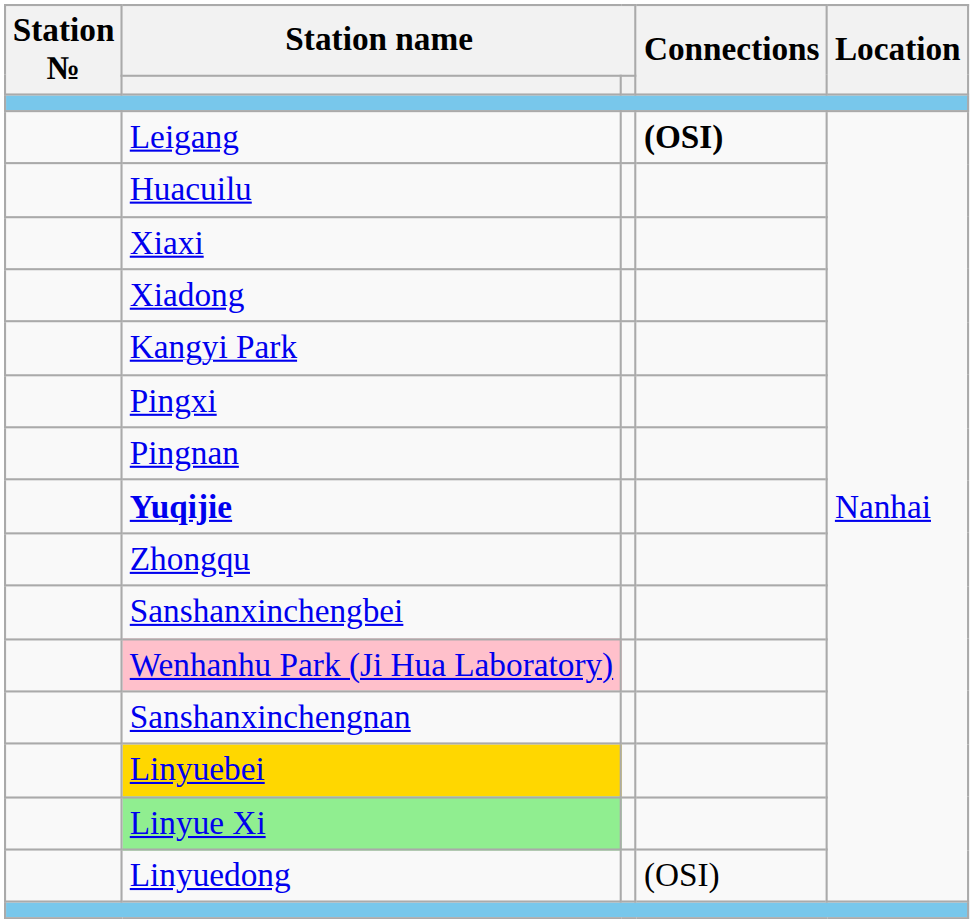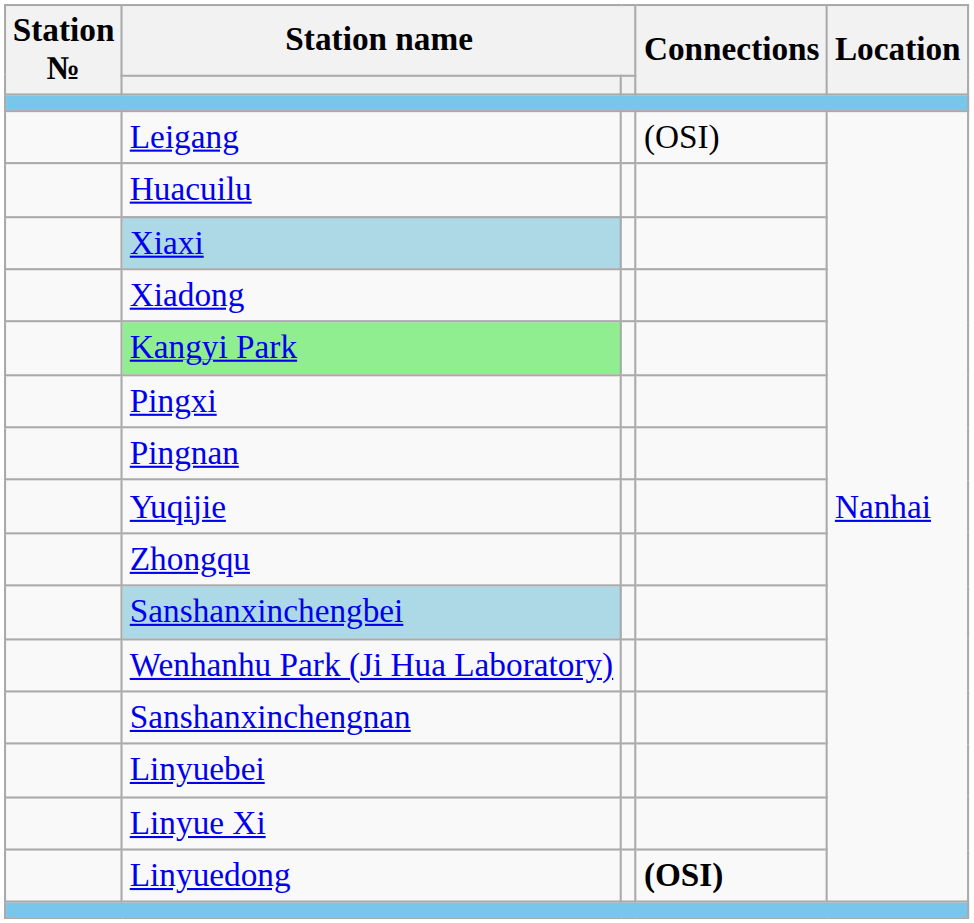 <table class="wikitable">
 <tr>
 <th rowspan="2">Station<br>№</th>
 <th colspan="2">Station name</th>
 <th rowspan="2">Connections</th>
 <th rowspan="2">Location</th>
 </tr>
 <tr>
 <th></th>
 <th></th>
 </tr>
 <tr style = "background:#78C7EB; height: 2pt">
 <td colspan="5"></td>
 </tr>
 <tr>
 <td></td>
 <td><a href='#'>Leigang</a></td>
 <td></td>
-<td><strong>  (OSI)</strong></td>
+<td>  (OSI)</td>
 <td rowspan="15"><a href='#'>Nanhai</a></td>
 </tr>
 <tr>
 <td></td>
 <td><a href='#'>Huacuilu</a></td>
 <td></td>
 <td></td>
 </tr>
 <tr>
 <td></td>
-<td><a href='#'>Xiaxi</a></td>
+<td style="background: lightblue;"><a href='#'>Xiaxi</a></td>
 <td></td>
 <td></td>
 </tr>
 <tr>
 <td></td>
 <td><a href='#'>Xiadong</a></td>
 <td></td>
 <td></td>
 </tr>
 <tr>
 <td></td>
-<td><a href='#'>Kangyi Park</a></td>
+<td style="background: lightgreen;"><a href='#'>Kangyi Park</a></td>
 <td></td>
 <td></td>
 </tr>
 <tr>
 <td></td>
 <td><a href='#'>Pingxi</a></td>
 <td></td>
 <td></td>
 </tr>
 <tr>
 <td></td>
 <td><a href='#'>Pingnan</a></td>
 <td></td>
 <td></td>
 </tr>
 <tr>
 <td></td>
-<td><strong><a href='#'>Yuqijie</a></strong></td>
+<td><a href='#'>Yuqijie</a></td>
 <td></td>
 <td></td>
 </tr>
 <tr>
 <td></td>
 <td><a href='#'>Zhongqu</a></td>
 <td></td>
 <td></td>
 </tr>
 <tr>
 <td></td>
-<td><a href='#'>Sanshanxinchengbei</a></td>
+<td style="background: lightblue;"><a href='#'>Sanshanxinchengbei</a></td>
 <td></td>
 </tr>
 <tr>
 <td></td>
-<td style="background: pink;"><a href='#'>Wenhanhu Park (Ji Hua Laboratory)</a></td>
+<td><a href='#'>Wenhanhu Park (Ji Hua Laboratory)</a></td>
 <td></td>
 <td></td>
 </tr>
 <tr>
 <td></td>
 <td><a href='#'>Sanshanxinchengnan</a></td>
 <td></td>
 <td></td>
 </tr>
 <tr>
 <td></td>
-<td style="background: gold;"><a href='#'>Linyuebei</a></td>
+<td><a href='#'>Linyuebei</a></td>
 <td></td>
 <td></td>
 </tr>
 <tr>
 <td></td>
-<td style="background: lightgreen;"><a href='#'>Linyue Xi</a></td>
+<td><a href='#'>Linyue Xi</a></td>
 <td></td>
 <td> </td>
 </tr>
 <tr>
 <td></td>
 <td><a href='#'>Linyuedong</a></td>
 <td></td>
-<td><s></s>  (OSI)<br></td>
+<td><strong><s></s>  (OSI)<br></strong></td>
 </tr>
 <tr style = "background:#78C7EB; height: 2pt">
 <td colspan="5"></td>
 </tr>
 </table>
